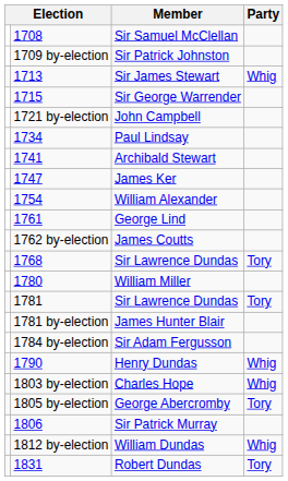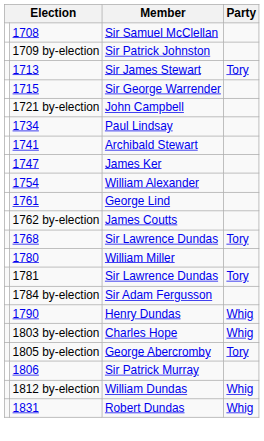 <table class = "wikitable">
 <tr>
 <th colspan="2">Election</th>
 <th>Member</th>
 <th>Party</th>
 </tr>
 <tr>
 <td style="color:inherit;background-color: white"></td>
 <td><a href='#'>1708</a></td>
 <td><a href='#'>Sir Samuel McClellan</a></td>
 <td></td>
 </tr>
 <tr>
 <td style="color:inherit;background-color: white"></td>
 <td>1709 by-election</td>
 <td><a href='#'>Sir Patrick Johnston</a></td>
 <td></td>
 </tr>
 <tr>
 <td style="color:inherit;background-color: "></td>
 <td><a href='#'>1713</a></td>
 <td><a href='#'>Sir James Stewart</a></td>
-<td><a href='#'>Whig</a></td>
+<td><a href='#'>Tory</a></td>
 </tr>
 <tr>
 <td style="color:inherit;background-color: white"></td>
 <td><a href='#'>1715</a></td>
 <td><a href='#'>Sir George Warrender</a></td>
 <td></td>
 </tr>
 <tr>
 <td style="color:inherit;background-color: white"></td>
 <td>1721 by-election</td>
 <td><a href='#'>John Campbell</a></td>
 <td></td>
 </tr>
 <tr>
 <td style="color:inherit;background-color: white"></td>
 <td><a href='#'>1734</a></td>
 <td><a href='#'>Paul Lindsay</a></td>
 <td></td>
 </tr>
 <tr>
 <td style="color:inherit;background-color: white"></td>
 <td><a href='#'>1741</a></td>
 <td><a href='#'>Archibald Stewart</a></td>
 <td></td>
 </tr>
 <tr>
 <td style="color:inherit;background-color: white"></td>
 <td><a href='#'>1747</a></td>
 <td><a href='#'>James Ker</a></td>
 <td></td>
 </tr>
 <tr>
 <td style="color:inherit;background-color: white"></td>
 <td><a href='#'>1754</a></td>
 <td><a href='#'>William Alexander</a></td>
 <td></td>
 </tr>
 <tr>
 <td style="color:inherit;background-color: white"></td>
 <td><a href='#'>1761</a></td>
 <td><a href='#'>George Lind</a></td>
 <td></td>
 </tr>
 <tr>
 <td style="color:inherit;background-color: white"></td>
 <td>1762 by-election</td>
 <td><a href='#'>James Coutts</a></td>
 <td></td>
 </tr>
 <tr>
 <td style="color:inherit;background-color: "></td>
 <td><a href='#'>1768</a></td>
 <td><a href='#'>Sir Lawrence Dundas</a></td>
 <td><a href='#'>Tory</a></td>
 </tr>
 <tr>
 <td style="color:inherit;background-color: white"></td>
 <td><a href='#'>1780</a></td>
 <td><a href='#'>William Miller</a></td>
 <td></td>
 </tr>
 <tr>
 <td style="color:inherit;background-color: "></td>
 <td>1781</td>
 <td><a href='#'>Sir Lawrence Dundas</a></td>
 <td><a href='#'>Tory</a></td>
 </tr>
 <tr>
 <td style="color:inherit;background-color: white"></td>
-<td>1781 by-election</td>
-<td><a href='#'>James Hunter Blair</a></td>
-<td></td>
-</tr>
-<tr>
-<td style="color:inherit;background-color: white"></td>
 <td>1784 by-election</td>
 <td><a href='#'>Sir Adam Fergusson</a></td>
 <td></td>
 </tr>
 <tr>
 <td style="color:inherit;background-color: "></td>
 <td><a href='#'>1790</a></td>
 <td><a href='#'>Henry Dundas</a></td>
 <td><a href='#'>Whig</a></td>
 </tr>
 <tr>
 <td style="color:inherit;background-color: "></td>
 <td>1803 by-election</td>
 <td><a href='#'>Charles Hope</a></td>
 <td><a href='#'>Whig</a></td>
 </tr>
 <tr>
 <td style="color:inherit;background-color: "></td>
 <td>1805 by-election</td>
 <td><a href='#'>George Abercromby</a></td>
 <td><a href='#'>Tory</a></td>
 </tr>
 <tr>
 <td style="color:inherit;background-color: white"></td>
 <td><a href='#'>1806</a></td>
 <td><a href='#'>Sir Patrick Murray</a></td>
 <td></td>
 </tr>
 <tr>
 <td style="color:inherit;background-color: "></td>
 <td>1812 by-election</td>
 <td><a href='#'>William Dundas</a></td>
 <td><a href='#'>Whig</a></td>
 </tr>
 <tr>
 <td style="color:inherit;background-color: "></td>
 <td><a href='#'>1831</a></td>
 <td><a href='#'>Robert Dundas</a></td>
-<td><a href='#'>Tory</a></td>
+<td><a href='#'>Whig</a></td>
 </tr>
 </table>
